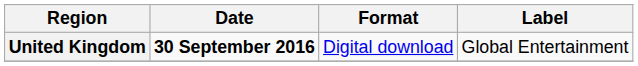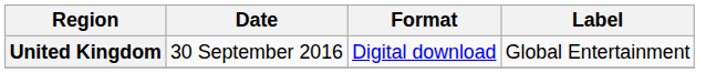 <table class="wikitable plainrowheaders">
 <tr>
 <th>Region</th>
 <th>Date</th>
 <th>Format</th>
 <th>Label</th>
 </tr>
 <tr>
 <th scope="row">United Kingdom</th>
-<td><strong>30 September 2016</strong></td>
+<td>30 September 2016</td>
 <td><a href='#'>Digital download</a></td>
 <td>Global Entertainment</td>
 </tr>
 <tr>
 </tr>
 </table>
